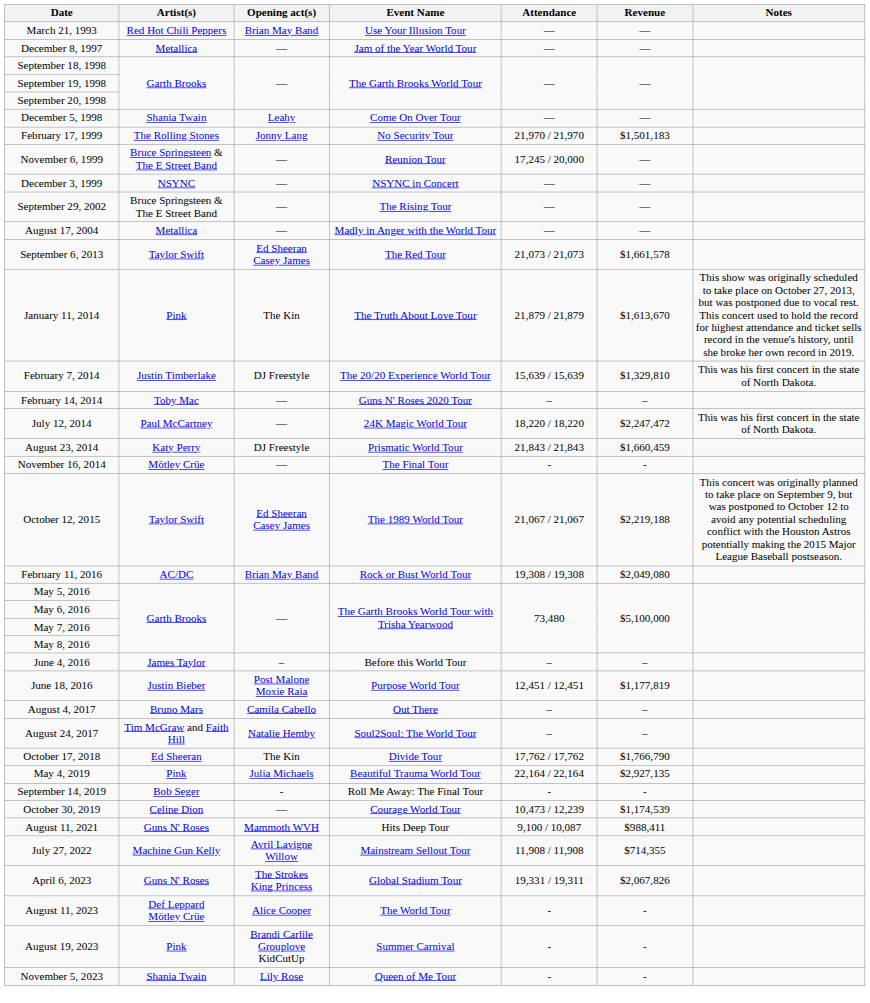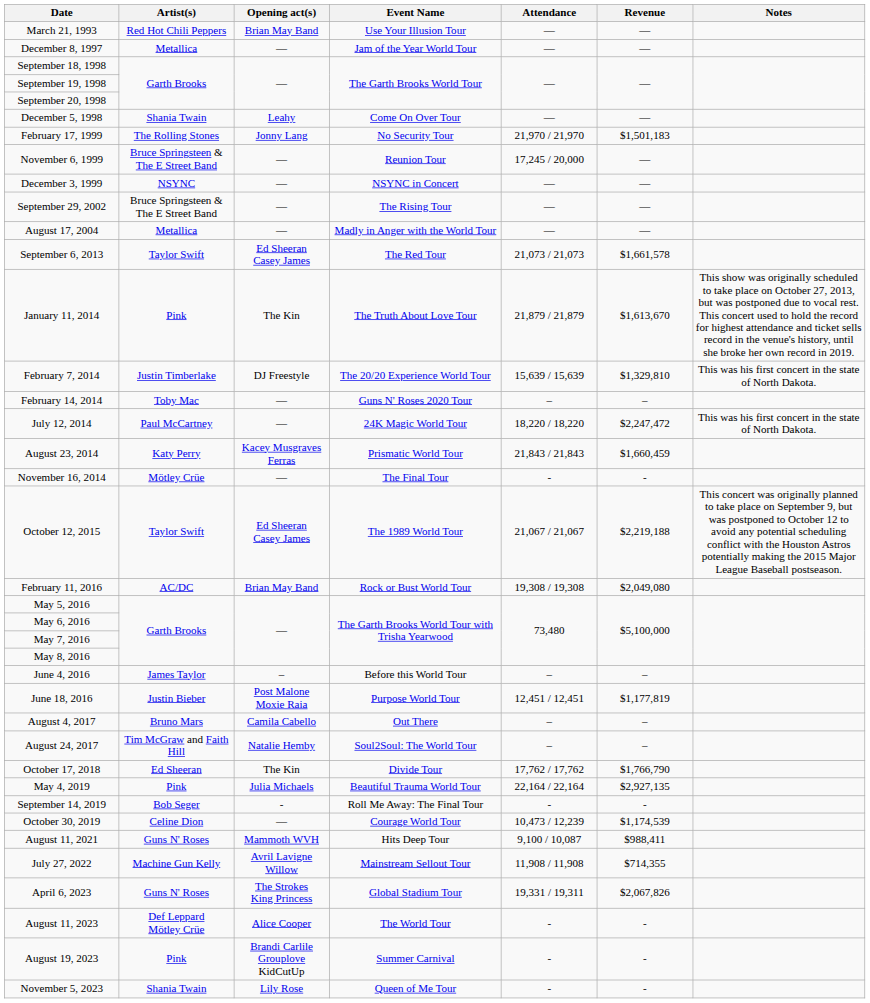 <table class="wikitable" style="text-align:center">
 <tr>
 <th width=12%>Date</th>
 <th width=12%>Artist(s)</th>
 <th width=10%>Opening act(s)</th>
 <th width=18%>Event Name</th>
 <th width=10%>Attendance</th>
 <th width=10%>Revenue</th>
 <th width=18%>Notes</th>
 </tr>
 <tr>
 <td>March 21, 1993</td>
 <td><a href='#'>Red Hot Chili Peppers</a></td>
 <td><a href='#'>Brian May Band</a></td>
 <td><a href='#'>Use Your Illusion Tour</a></td>
 <td>—</td>
 <td>—</td>
 <td></td>
 </tr>
 <tr>
 <td>December 8, 1997</td>
 <td><a href='#'>Metallica</a></td>
 <td>—</td>
 <td><a href='#'>Jam of the Year World Tour</a></td>
 <td>—</td>
 <td>—</td>
 <td></td>
 </tr>
 <tr>
 <td>September 18, 1998</td>
 <td rowspan=3><a href='#'>Garth Brooks</a></td>
 <td rowspan=3>—</td>
 <td rowspan=3><a href='#'>The Garth Brooks World Tour</a></td>
 <td rowspan=3>—</td>
 <td rowspan=3>—</td>
 <td rowspan=3></td>
 </tr>
 <tr>
 <td>September 19, 1998</td>
 </tr>
 <tr>
 <td>September 20, 1998</td>
 </tr>
 <tr>
 <td>December 5, 1998</td>
 <td><a href='#'>Shania Twain</a></td>
 <td><a href='#'>Leahy</a></td>
 <td><a href='#'>Come On Over Tour</a></td>
 <td>—</td>
 <td>—</td>
 <td></td>
 </tr>
 <tr>
 <td>February 17, 1999</td>
 <td><a href='#'>The Rolling Stones</a></td>
 <td><a href='#'>Jonny Lang</a></td>
 <td><a href='#'>No Security Tour</a></td>
 <td>21,970 / 21,970</td>
 <td>$1,501,183</td>
 <td></td>
 </tr>
 <tr>
 <td>November 6, 1999</td>
 <td><a href='#'>Bruce Springsteen</a> & <a href='#'>The E Street Band</a></td>
 <td>—</td>
 <td><a href='#'>Reunion Tour</a></td>
 <td>17,245 / 20,000</td>
 <td>—</td>
 <td></td>
 </tr>
 <tr>
 <td>December 3, 1999</td>
 <td><a href='#'>NSYNC</a></td>
 <td>—</td>
 <td><a href='#'>NSYNC in Concert</a></td>
 <td>—</td>
 <td>—</td>
 <td></td>
 </tr>
 <tr>
 <td>September 29, 2002</td>
 <td>Bruce Springsteen & The E Street Band</td>
 <td>—</td>
 <td><a href='#'>The Rising Tour</a></td>
 <td>—</td>
 <td>—</td>
 <td></td>
 </tr>
 <tr>
 <td>August 17, 2004</td>
 <td><a href='#'>Metallica</a></td>
 <td>—</td>
 <td><a href='#'>Madly in Anger with the World Tour</a></td>
 <td>—</td>
 <td>—</td>
 <td></td>
 </tr>
 <tr>
 <td>September 6, 2013</td>
 <td><a href='#'>Taylor Swift</a></td>
 <td><a href='#'>Ed Sheeran</a><br><a href='#'>Casey James</a></td>
 <td><a href='#'>The Red Tour</a></td>
 <td>21,073 / 21,073</td>
 <td>$1,661,578</td>
 <td></td>
 </tr>
 <tr>
 <td>January 11, 2014</td>
 <td><a href='#'>Pink</a></td>
 <td>The Kin</td>
 <td><a href='#'>The Truth About Love Tour</a></td>
 <td>21,879 / 21,879</td>
 <td>$1,613,670</td>
 <td>This show was originally scheduled to take place on October 27, 2013, but was postponed due to vocal rest. This concert used to hold the record for highest attendance and ticket sells record in the venue's history, until she broke her own record in 2019.</td>
 </tr>
 <tr>
 <td>February 7, 2014</td>
 <td><a href='#'>Justin Timberlake</a></td>
 <td>DJ Freestyle</td>
 <td><a href='#'>The 20/20 Experience World Tour</a></td>
 <td>15,639 / 15,639</td>
 <td>$1,329,810</td>
 <td>This was his first concert in the state of North Dakota.</td>
 </tr>
 <tr>
 <td>February 14, 2014</td>
 <td><a href='#'>Toby Mac</a></td>
 <td>—</td>
 <td><a href='#'>Guns N' Roses 2020 Tour</a></td>
 <td>–</td>
 <td>–</td>
 <td></td>
 </tr>
 <tr>
 <td>July 12, 2014</td>
 <td><a href='#'>Paul McCartney</a></td>
 <td>—</td>
 <td><a href='#'>24K Magic World Tour</a></td>
 <td>18,220 / 18,220</td>
 <td>$2,247,472</td>
 <td>This was his first concert in the state of North Dakota.</td>
 </tr>
 <tr>
 <td>August 23, 2014</td>
 <td><a href='#'>Katy Perry</a></td>
-<td>DJ Freestyle</td>
+<td><a href='#'>Kacey Musgraves</a><br><a href='#'>Ferras</a></td>
 <td><a href='#'>Prismatic World Tour</a></td>
 <td>21,843 / 21,843</td>
 <td>$1,660,459</td>
 <td></td>
 </tr>
 <tr>
 <td>November 16, 2014</td>
 <td><a href='#'>Mötley Crüe</a></td>
 <td>—</td>
 <td><a href='#'>The Final Tour</a></td>
 <td>-</td>
 <td>-</td>
 <td></td>
 </tr>
 <tr>
 <td>October 12, 2015</td>
 <td><a href='#'>Taylor Swift</a></td>
 <td><a href='#'>Ed Sheeran</a><br><a href='#'>Casey James</a></td>
 <td><a href='#'>The 1989 World Tour</a></td>
 <td>21,067 / 21,067</td>
 <td>$2,219,188</td>
 <td>This concert was originally planned to take place on September 9, but was postponed to October 12 to avoid any potential scheduling conflict with the Houston Astros potentially making the 2015 Major League Baseball postseason.</td>
 </tr>
 <tr>
 <td>February 11, 2016</td>
 <td><a href='#'>AC/DC</a></td>
 <td><a href='#'>Brian May Band</a></td>
 <td><a href='#'>Rock or Bust World Tour</a></td>
 <td>19,308 / 19,308</td>
 <td>$2,049,080</td>
 <td></td>
 </tr>
 <tr>
 <td>May 5, 2016</td>
 <td rowspan=4><a href='#'>Garth Brooks</a></td>
 <td rowspan=4>—</td>
 <td rowspan=4><a href='#'>The Garth Brooks World Tour with Trisha Yearwood</a></td>
 <td rowspan=4>73,480</td>
 <td rowspan=4>$5,100,000</td>
 <td rowspan=4></td>
 </tr>
 <tr>
 <td>May 6, 2016</td>
 </tr>
 <tr>
 <td>May 7, 2016</td>
 </tr>
 <tr>
 <td>May 8, 2016</td>
 </tr>
 <tr>
 <td>June 4, 2016</td>
 <td><a href='#'>James Taylor</a></td>
 <td>–</td>
 <td>Before this World Tour</td>
 <td>–</td>
 <td>–</td>
 <td></td>
 </tr>
 <tr>
 <td>June 18, 2016</td>
 <td><a href='#'>Justin Bieber</a></td>
 <td><a href='#'>Post Malone</a><br><a href='#'>Moxie Raia</a></td>
 <td><a href='#'>Purpose World Tour</a></td>
 <td>12,451 / 12,451</td>
 <td>$1,177,819</td>
 <td></td>
 </tr>
 <tr>
 <td>August 4, 2017</td>
 <td><a href='#'>Bruno Mars</a></td>
 <td><a href='#'>Camila Cabello</a></td>
 <td><a href='#'>Out There</a></td>
 <td>–</td>
 <td>–</td>
 <td></td>
 </tr>
 <tr>
 <td>August 24, 2017</td>
 <td><a href='#'>Tim McGraw</a> and <a href='#'>Faith Hill</a></td>
 <td><a href='#'>Natalie Hemby</a></td>
 <td><a href='#'>Soul2Soul: The World Tour</a></td>
 <td>–</td>
 <td>–</td>
 <td></td>
 </tr>
 <tr>
 <td>October 17, 2018</td>
 <td><a href='#'>Ed Sheeran</a></td>
 <td>The Kin</td>
 <td><a href='#'>Divide Tour</a></td>
 <td>17,762 / 17,762</td>
 <td>$1,766,790</td>
 <td></td>
 </tr>
 <tr>
 <td>May 4, 2019</td>
 <td><a href='#'>Pink</a></td>
 <td><a href='#'>Julia Michaels</a></td>
 <td><a href='#'>Beautiful Trauma World Tour</a></td>
 <td>22,164 / 22,164</td>
 <td>$2,927,135</td>
 <td></td>
 </tr>
 <tr>
 <td>September 14, 2019</td>
 <td><a href='#'>Bob Seger</a></td>
 <td>-</td>
 <td>Roll Me Away: The Final Tour</td>
 <td>-</td>
 <td>-</td>
 <td></td>
 </tr>
 <tr>
 <td>October 30, 2019</td>
 <td><a href='#'>Celine Dion</a></td>
 <td>—</td>
 <td><a href='#'>Courage World Tour</a></td>
 <td>10,473 / 12,239</td>
 <td>$1,174,539</td>
 <td></td>
 </tr>
 <tr>
 <td>August 11, 2021</td>
 <td><a href='#'>Guns N' Roses</a></td>
 <td><a href='#'>Mammoth WVH</a></td>
 <td>Hits Deep Tour</td>
 <td>9,100 / 10,087</td>
 <td>$988,411</td>
 <td></td>
 </tr>
 <tr>
 <td>July 27, 2022</td>
 <td><a href='#'>Machine Gun Kelly</a></td>
 <td><a href='#'>Avril Lavigne</a> <br> <a href='#'>Willow</a></td>
 <td><a href='#'>Mainstream Sellout Tour</a></td>
 <td>11,908 / 11,908</td>
 <td>$714,355</td>
 <td></td>
 </tr>
 <tr>
 <td>April 6, 2023</td>
 <td><a href='#'>Guns N' Roses</a></td>
 <td><a href='#'>The Strokes</a> <br> <a href='#'>King Princess</a></td>
 <td><a href='#'>Global Stadium Tour</a></td>
 <td>19,331 / 19,311</td>
 <td>$2,067,826</td>
 <td></td>
 </tr>
 <tr>
 <td>August 11, 2023</td>
 <td><a href='#'>Def Leppard</a> <br> <a href='#'>Mötley Crüe</a></td>
 <td><a href='#'>Alice Cooper</a></td>
 <td><a href='#'>The World Tour</a></td>
 <td>-</td>
 <td>-</td>
 <td></td>
 </tr>
 <tr>
 <td>August 19, 2023</td>
 <td><a href='#'>Pink</a></td>
 <td><a href='#'>Brandi Carlile</a> <br> <a href='#'>Grouplove</a> <br> KidCutUp</td>
 <td><a href='#'>Summer Carnival</a></td>
 <td>-</td>
 <td>-</td>
 <td></td>
 </tr>
 <tr>
 <td>November 5, 2023</td>
 <td><a href='#'>Shania Twain</a></td>
 <td><a href='#'>Lily Rose</a></td>
 <td><a href='#'>Queen of Me Tour</a></td>
 <td>-</td>
 <td>-</td>
 <td></td>
 </tr>
 </table>
